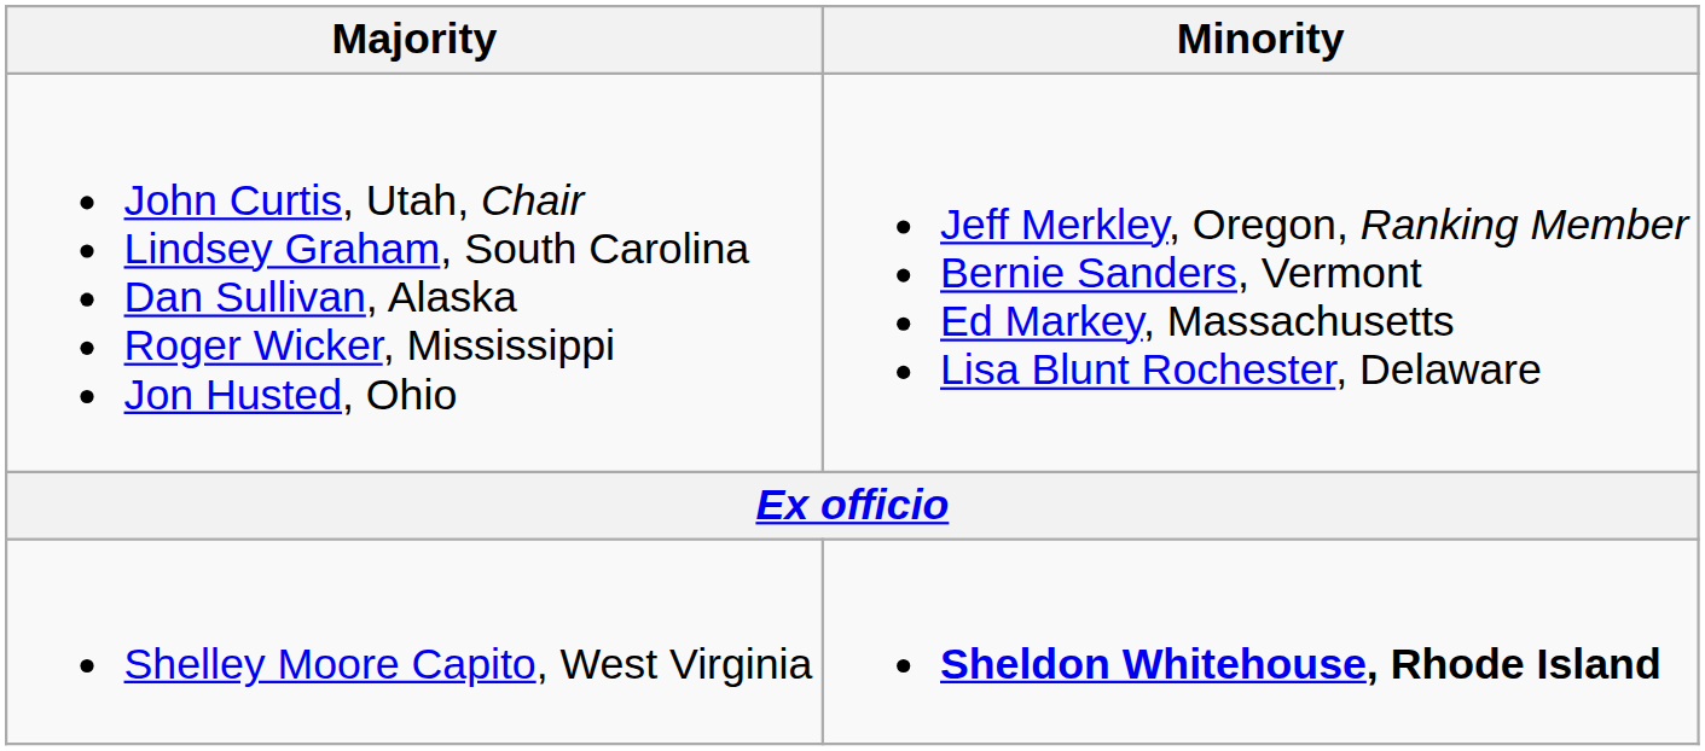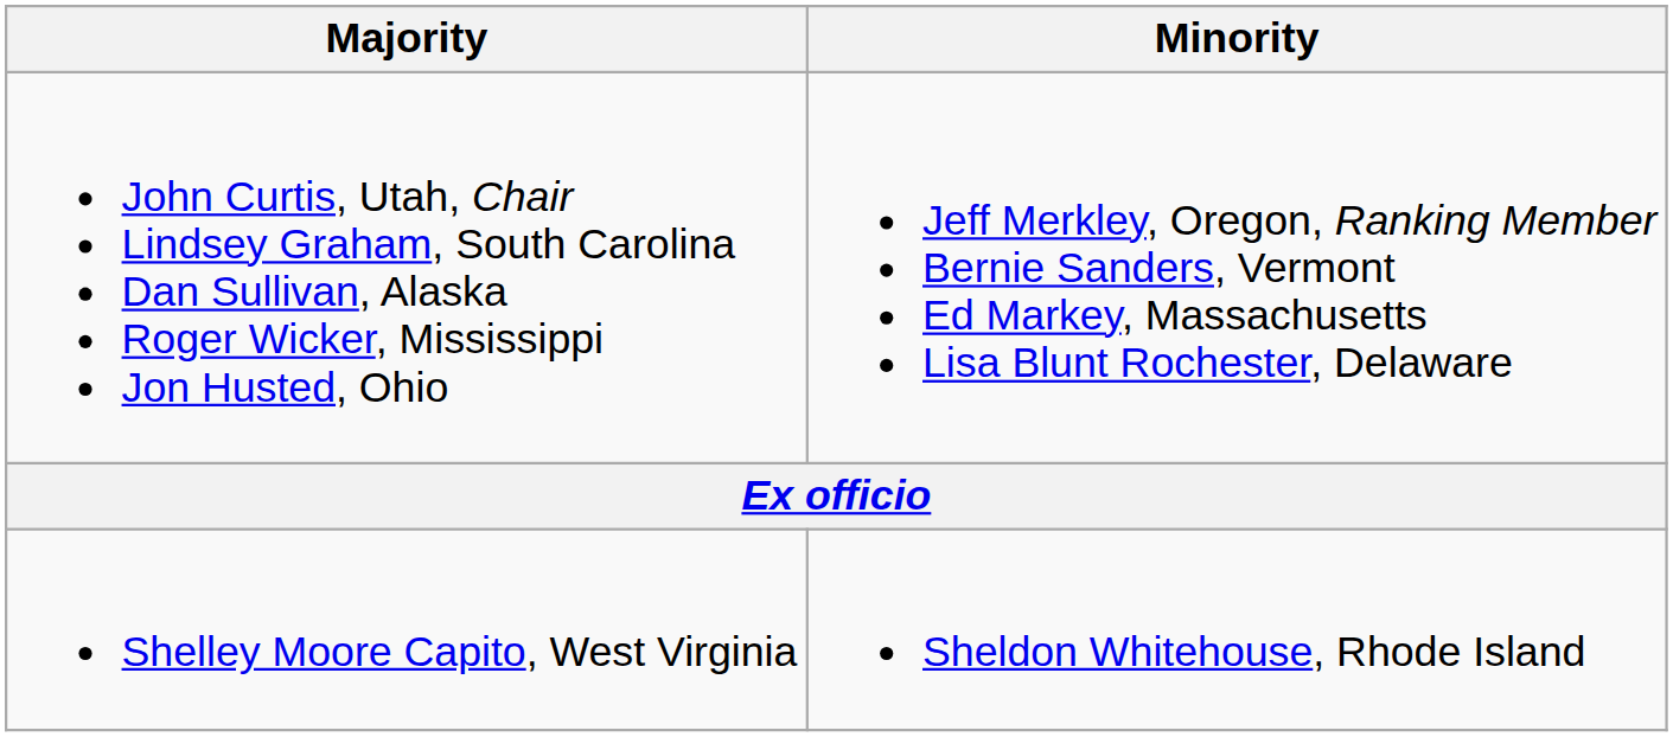 <table class=wikitable>
 <tr>
 <th>Majority</th>
 <th>Minority</th>
 </tr>
 <tr>
 <td><br><ul><li><a href='#'>John Curtis</a>, Utah, <em>Chair</em></li><li><a href='#'>Lindsey Graham</a>, South Carolina</li><li><a href='#'>Dan Sullivan</a>, Alaska</li><li><a href='#'>Roger Wicker</a>, Mississippi</li><li><a href='#'>Jon Husted</a>, Ohio</li></ul></td>
 <td><br><ul><li><a href='#'>Jeff Merkley</a>, Oregon, <em>Ranking Member</em></li><li><span><a href='#'>Bernie Sanders</a>, Vermont</span></li><li><a href='#'>Ed Markey</a>, Massachusetts</li><li><a href='#'>Lisa Blunt Rochester</a>, Delaware</li></ul></td>
 </tr>
 <tr>
 <th colspan=2><em><a href='#'>Ex officio</a></em></th>
 </tr>
 <tr>
 <td><br><ul><li><a href='#'>Shelley Moore Capito</a>, West Virginia</li></ul></td>
-<td><strong><br><ul><li><a href='#'>Sheldon Whitehouse</a>, Rhode Island</li></ul></strong></td>
+<td><br><ul><li><a href='#'>Sheldon Whitehouse</a>, Rhode Island</li></ul></td>
 </tr>
 </table>
